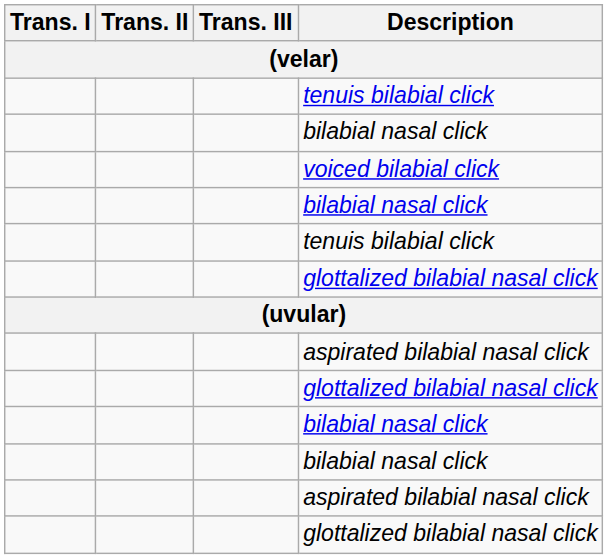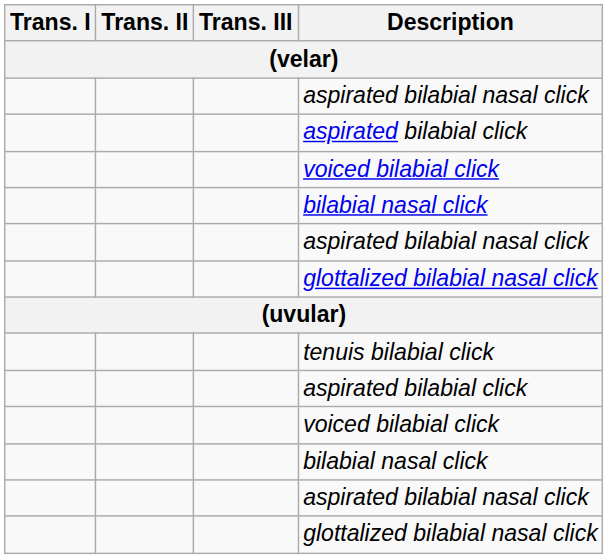 <table class="wikitable">
 <tr>
 <th>Trans. I</th>
 <th>Trans. II</th>
 <th>Trans. III</th>
 <th>Description</th>
 </tr>
 <tr>
 <th colspan=4>(velar)</th>
 </tr>
 <tr>
 <td style="font-size:24px" align="center"></td>
 <td style="font-size:24px" align="center"></td>
 <td style="font-size:24px" align="center"></td>
-<td><em><a href='#'>tenuis bilabial click</a></em></td>
+<td><em>aspirated bilabial nasal click</em></td>
 </tr>
 <tr>
 <td style="font-size:24px" align="center"></td>
 <td style="font-size:24px" align="center"></td>
 <td style="font-size:24px" align="center"></td>
-<td><em>bilabial nasal click</em></td>
+<td><em><a href='#'>aspirated</a> bilabial click</em></td>
 </tr>
 <tr>
 <td style="font-size:24px" align="center"></td>
 <td style="font-size:24px" align="center"></td>
 <td style="font-size:24px" align="center"></td>
 <td><em><a href='#'>voiced bilabial click</a></em></td>
 </tr>
 <tr>
 <td style="font-size:24px" align="center"></td>
 <td style="font-size:24px" align="center"></td>
 <td style="font-size:24px" align="center"></td>
 <td><em><a href='#'>bilabial nasal click</a></em></td>
 </tr>
 <tr>
 <td style="font-size:24px" align="center"></td>
 <td style="font-size:24px" align="center"></td>
 <td style="font-size:24px" align="center"></td>
-<td><em>tenuis bilabial click</em></td>
+<td><em>aspirated bilabial nasal click</em></td>
 </tr>
 <tr>
 <td style="font-size:24px" align="center"></td>
 <td style="font-size:24px" align="center"></td>
 <td style="font-size:24px" align="center"></td>
 <td><em><a href='#'>glottalized bilabial nasal click</a></em></td>
 </tr>
 <tr>
 <th colspan=4>(uvular)</th>
 </tr>
 <tr>
 <td style="font-size:24px" align="center"></td>
 <td style="font-size:24px" align="center"></td>
 <td></td>
-<td><em>aspirated bilabial nasal click</em></td>
+<td><em>tenuis bilabial click</em></td>
 </tr>
 <tr>
 <td style="font-size:24px" align="center"></td>
 <td style="font-size:24px" align="center"></td>
 <td></td>
-<td><em><a href='#'>glottalized bilabial nasal click</a></em></td>
+<td><em>aspirated bilabial click</em></td>
 </tr>
 <tr>
 <td style="font-size:24px" align="center"></td>
 <td style="font-size:24px" align="center"></td>
 <td></td>
-<td><em><a href='#'>bilabial nasal click</a></em></td>
+<td><em>voiced bilabial click</em></td>
 </tr>
 <tr>
 <td style="font-size:24px" align="center"></td>
 <td style="font-size:24px" align="center"></td>
 <td></td>
 <td><em>bilabial nasal click</em></td>
 </tr>
 <tr>
 <td style="font-size:24px" align="center"></td>
 <td style="font-size:24px" align="center"></td>
 <td></td>
 <td><em>aspirated bilabial nasal click</em></td>
 </tr>
 <tr>
 <td style="font-size:24px" align="center"></td>
 <td style="font-size:24px" align="center"></td>
 <td></td>
 <td><em>glottalized bilabial nasal click</em></td>
 </tr>
 </table>
